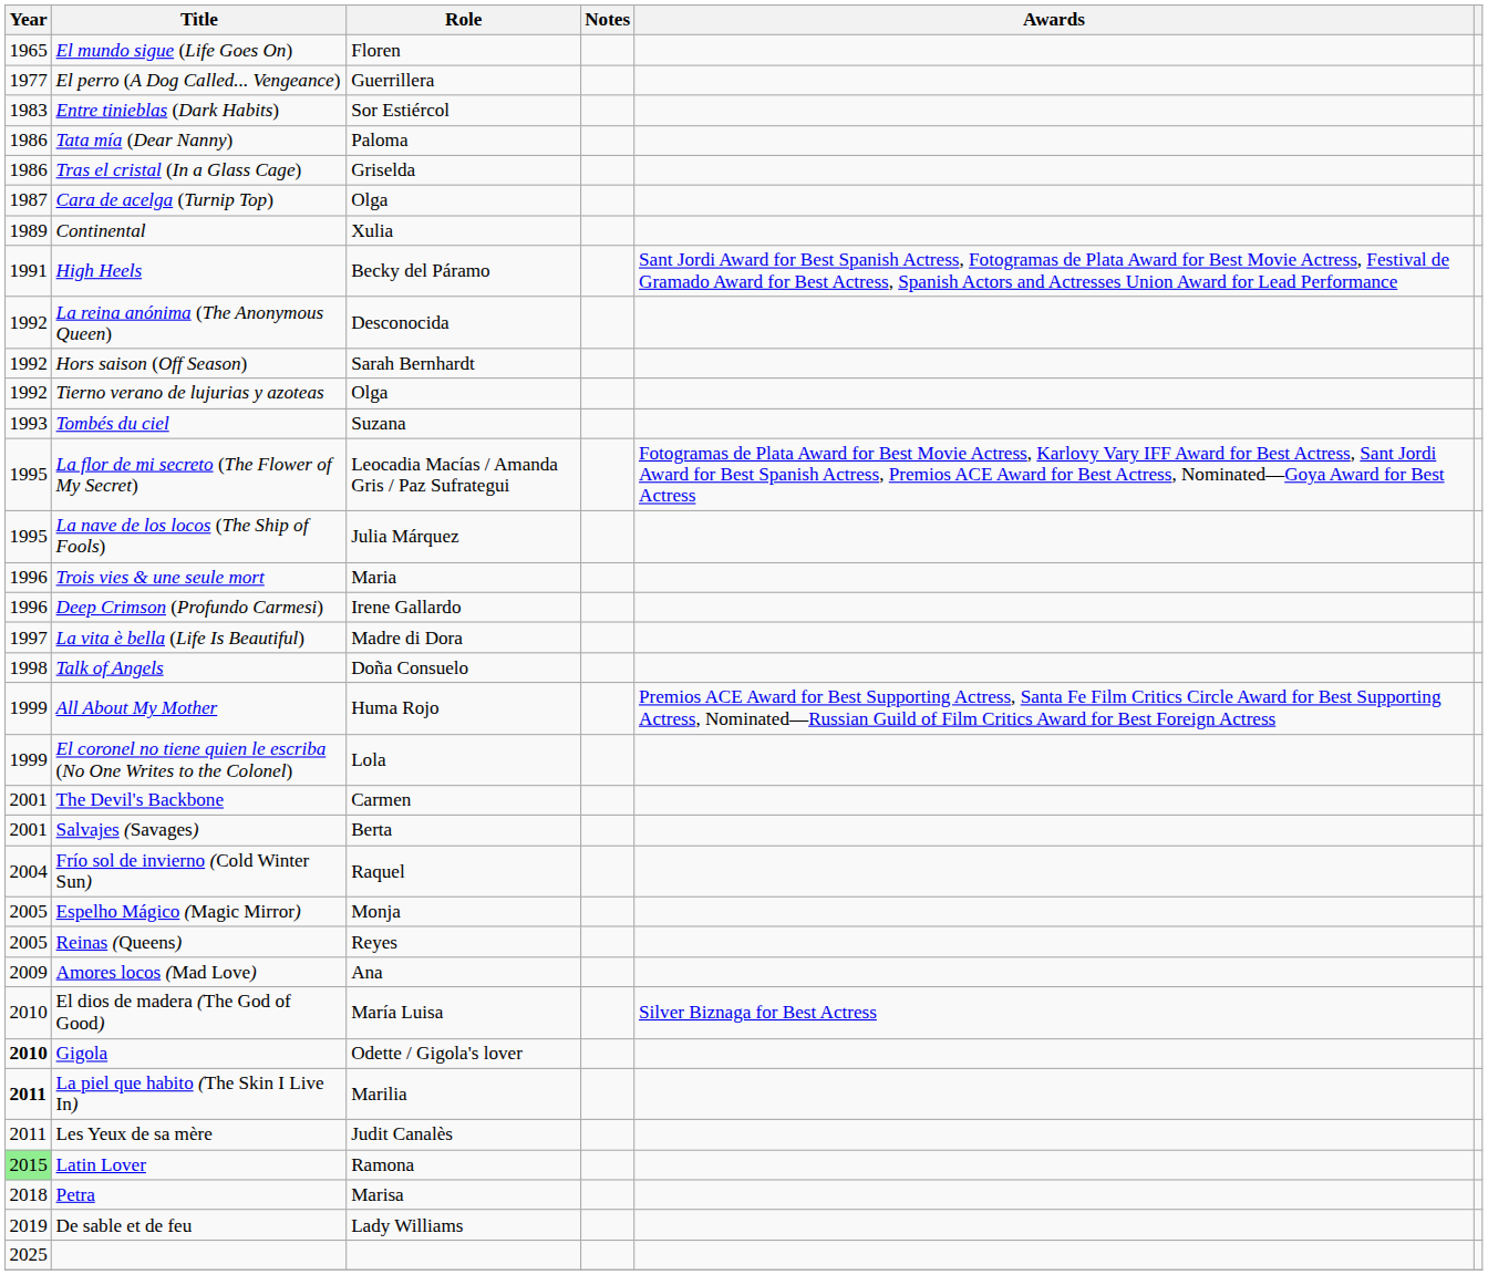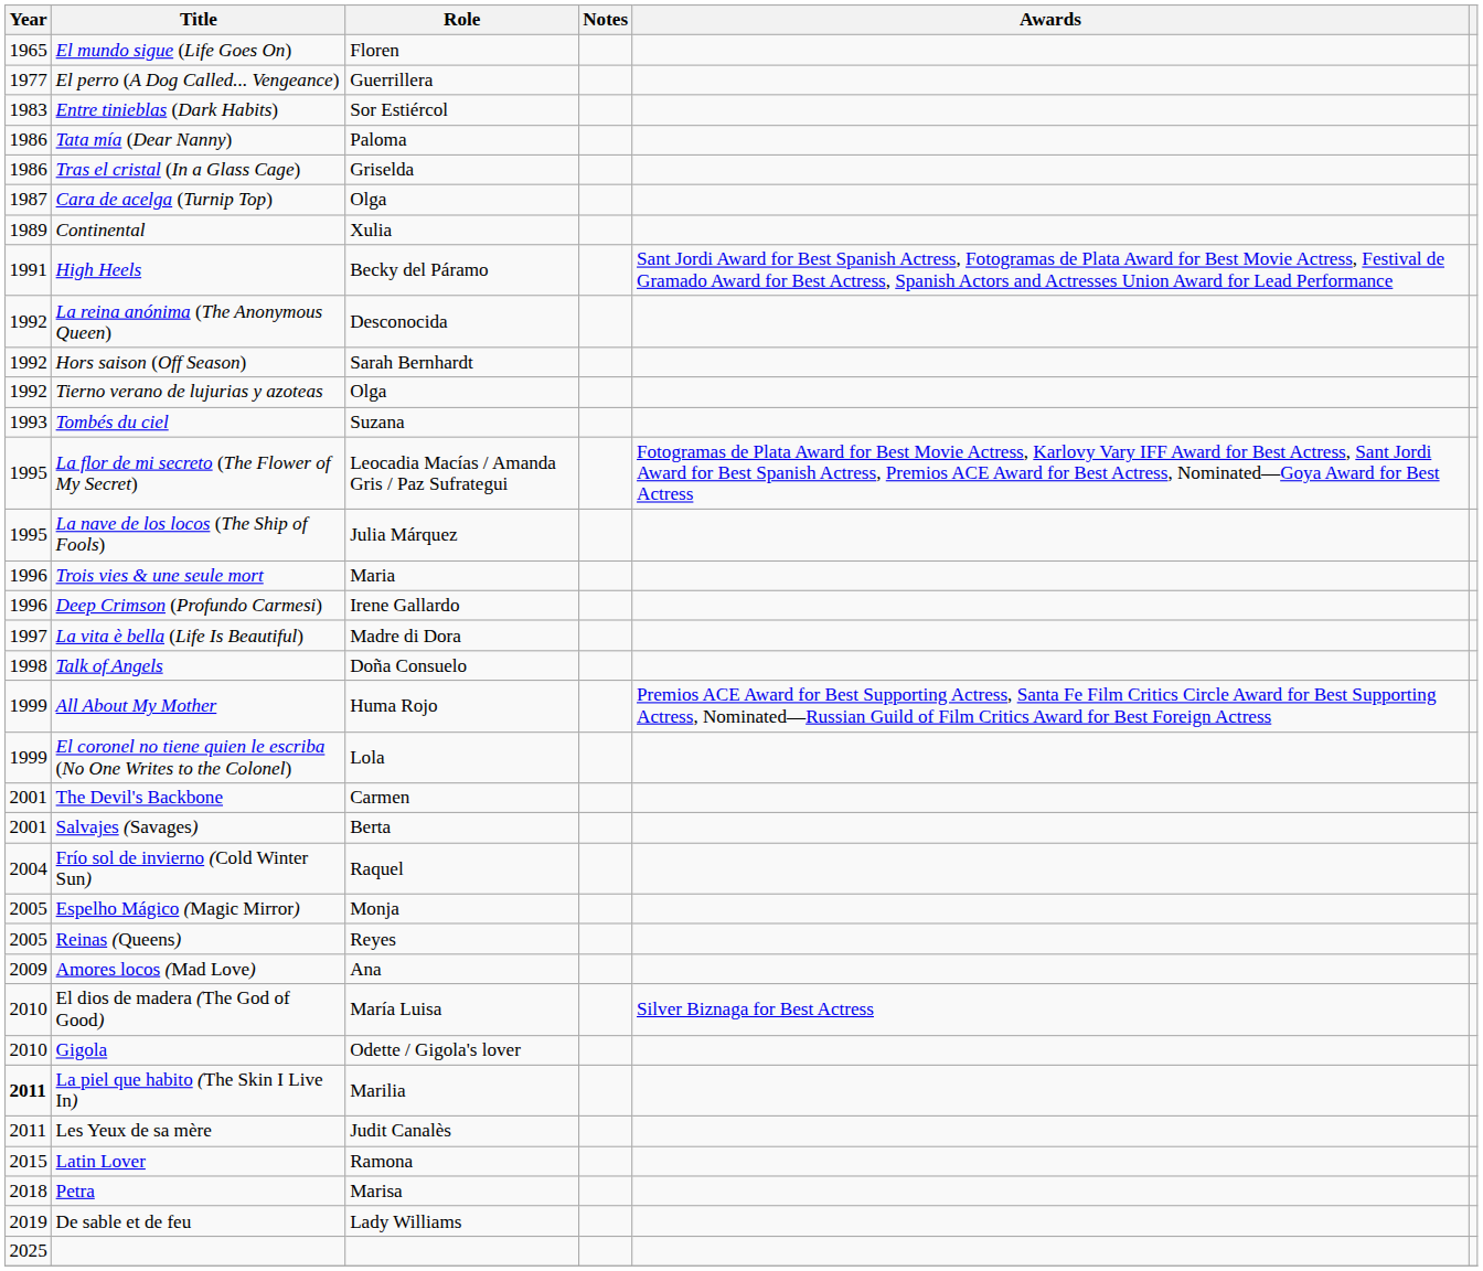 <table class="wikitable sortable">
 <tr>
 <th>Year</th>
 <th>Title</th>
 <th>Role</th>
 <th>Notes</th>
 <th class="unsortable">Awards</th>
 <th class="unsortable"></th>
 </tr>
 <tr>
 <td>1965</td>
 <td><em><a href='#'>El mundo sigue</a></em> (<em>Life Goes On</em>)</td>
 <td>Floren</td>
 <td></td>
 <td></td>
 <td align = "center"></td>
 </tr>
 <tr>
 <td>1977</td>
 <td><em>El perro</em> (<em>A Dog Called... Vengeance</em>)</td>
 <td>Guerrillera</td>
 <td></td>
 <td></td>
 <td></td>
 </tr>
 <tr>
 <td>1983</td>
 <td><em><a href='#'>Entre tinieblas</a></em> (<em>Dark Habits</em>)</td>
 <td>Sor Estiércol</td>
 <td></td>
 <td></td>
 <td></td>
 </tr>
 <tr>
 <td>1986</td>
 <td><em><a href='#'>Tata mía</a></em> (<em>Dear Nanny</em>)</td>
 <td>Paloma</td>
 <td></td>
 <td></td>
 <td align= "center"></td>
 </tr>
 <tr>
 <td>1986</td>
 <td><em><a href='#'>Tras el cristal</a></em> (<em>In a Glass Cage</em>)</td>
 <td>Griselda</td>
 <td></td>
 <td></td>
 <td align = "center"></td>
 </tr>
 <tr>
 <td>1987</td>
 <td><em><a href='#'>Cara de acelga</a></em> (<em>Turnip Top</em>)</td>
 <td>Olga</td>
 <td></td>
 <td></td>
 <td align = "center"></td>
 </tr>
 <tr>
 <td>1989</td>
 <td><em>Continental</em></td>
 <td>Xulia</td>
 <td></td>
 <td></td>
 <td></td>
 </tr>
 <tr>
 <td>1991</td>
 <td><em><a href='#'>High Heels</a></em></td>
 <td>Becky del Páramo</td>
 <td></td>
 <td><a href='#'>Sant Jordi Award for Best Spanish Actress</a>, <a href='#'>Fotogramas de Plata Award for Best Movie Actress</a>, <a href='#'>Festival de Gramado Award for Best Actress</a>, <a href='#'>Spanish Actors and Actresses Union Award for Lead Performance</a></td>
 <td align = "center"></td>
 </tr>
 <tr>
 <td>1992</td>
 <td><em><a href='#'>La reina anónima</a></em> (<em>The Anonymous Queen</em>)</td>
 <td>Desconocida</td>
 <td></td>
 <td></td>
 <td align = "center"></td>
 </tr>
 <tr>
 <td>1992</td>
 <td><em>Hors saison</em> (<em>Off Season</em>)</td>
 <td>Sarah Bernhardt</td>
 <td></td>
 <td></td>
 <td></td>
 </tr>
 <tr>
 <td>1992</td>
 <td><em>Tierno verano de lujurias y azoteas</em></td>
 <td>Olga</td>
 <td></td>
 <td></td>
 <td></td>
 </tr>
 <tr>
 <td>1993</td>
 <td><em><a href='#'>Tombés du ciel</a></em></td>
 <td>Suzana</td>
 <td></td>
 <td></td>
 <td></td>
 </tr>
 <tr>
 <td>1995</td>
 <td><em><a href='#'>La flor de mi secreto</a></em> (<em>The Flower of My Secret</em>)</td>
 <td>Leocadia Macías / Amanda Gris / Paz Sufrategui</td>
 <td></td>
 <td><a href='#'>Fotogramas de Plata Award for Best Movie Actress</a>, <a href='#'>Karlovy Vary IFF Award for Best Actress</a>, <a href='#'>Sant Jordi Award for Best Spanish Actress</a>, <a href='#'>Premios ACE Award for Best Actress</a>, Nominated—<a href='#'>Goya Award for Best Actress</a></td>
 <td></td>
 </tr>
 <tr>
 <td>1995</td>
 <td><em><a href='#'>La nave de los locos</a></em> (<em>The Ship of Fools</em>)</td>
 <td>Julia Márquez</td>
 <td></td>
 <td></td>
 <td></td>
 </tr>
 <tr>
 <td>1996</td>
 <td><em><a href='#'>Trois vies & une seule mort</a></em></td>
 <td>Maria</td>
 <td></td>
 <td></td>
 <td></td>
 </tr>
 <tr>
 <td>1996</td>
 <td><em><a href='#'>Deep Crimson</a></em> (<em>Profundo Carmesi</em>)</td>
 <td>Irene Gallardo</td>
 <td></td>
 <td></td>
 <td></td>
 </tr>
 <tr>
 <td>1997</td>
 <td><em><a href='#'>La vita è bella</a></em> (<em>Life Is Beautiful</em>)</td>
 <td>Madre di Dora</td>
 <td></td>
 <td></td>
 <td></td>
 </tr>
 <tr>
 <td>1998</td>
 <td><em><a href='#'>Talk of Angels</a></em></td>
 <td>Doña Consuelo</td>
 <td></td>
 <td></td>
 <td></td>
 </tr>
 <tr>
 <td>1999</td>
 <td><em><a href='#'>All About My Mother</a></em></td>
 <td>Huma Rojo</td>
 <td></td>
 <td><a href='#'>Premios ACE Award for Best Supporting Actress</a>, <a href='#'>Santa Fe Film Critics Circle Award for Best Supporting Actress</a>, Nominated—<a href='#'>Russian Guild of Film Critics Award for Best Foreign Actress</a></td>
 <td></td>
 </tr>
 <tr>
 <td>1999</td>
 <td><em><a href='#'>El coronel no tiene quien le escriba</a></em> (<em>No One Writes to the Colonel</em>)<em></td>
 <td>Lola</td>
 <td></td>
 <td></td>
 <td></td>
 </tr>
 <tr>
 <td>2001</td>
 <td></em><a href='#'>The Devil's Backbone</a><em></td>
 <td>Carmen</td>
 <td></td>
 <td></td>
 <td></td>
 </tr>
 <tr>
 <td>2001</td>
 <td></em><a href='#'>Salvajes</a><em> (</em>Savages<em>)</td>
 <td>Berta</td>
 <td></td>
 <td></td>
 <td align = "center"></td>
 </tr>
 <tr>
 <td>2004</td>
 <td></em><a href='#'>Frío sol de invierno</a><em> (</em>Cold Winter Sun<em>)</td>
 <td>Raquel</td>
 <td></td>
 <td></td>
 <td align = "center"></td>
 </tr>
 <tr>
 <td>2005</td>
 <td></em><a href='#'>Espelho Mágico</a><em> (</em>Magic Mirror<em>)</td>
 <td>Monja</td>
 <td></td>
 <td></td>
 <td></td>
 </tr>
 <tr>
 <td>2005</td>
 <td></em><a href='#'>Reinas</a><em> (</em>Queens<em>)</td>
 <td>Reyes</td>
 <td></td>
 <td></td>
 <td></td>
 </tr>
 <tr>
 <td>2009</td>
 <td></em><a href='#'>Amores locos</a><em> (</em>Mad Love<em>)</td>
 <td>Ana</td>
 <td></td>
 <td></td>
 <td></td>
 </tr>
 <tr>
 <td>2010</td>
 <td></em>El dios de madera<em> (</em>The God of Good<em>)</td>
 <td>María Luisa</td>
 <td></td>
 <td><a href='#'>Silver Biznaga for Best Actress</a></td>
 <td></td>
 </tr>
 <tr>
-<td><strong>2010</strong></td>
+<td>2010</td>
 <td></em><a href='#'>Gigola</a><em></td>
 <td>Odette / Gigola's lover</td>
 <td></td>
 <td></td>
 <td></td>
 </tr>
 <tr>
 <td><strong>2011</strong></td>
 <td></em><a href='#'>La piel que habito</a><em> (</em>The Skin I Live In<em>)</td>
 <td>Marilia</td>
 <td></td>
 <td></td>
 <td></td>
 </tr>
 <tr>
 <td>2011</td>
 <td></em>Les Yeux de sa mère<em></td>
 <td>Judit Canalès</td>
 <td></td>
 <td></td>
 <td></td>
 </tr>
 <tr>
-<td style="background: lightgreen;">2015</td>
+<td>2015</td>
 <td></em><a href='#'>Latin Lover</a><em></td>
 <td>Ramona</td>
 <td></td>
 <td></td>
 <td></td>
 </tr>
 <tr>
 <td>2018</td>
 <td></em><a href='#'>Petra</a><em></td>
 <td>Marisa</td>
 <td></td>
 <td></td>
 </tr>
 <tr>
 <td>2019</td>
 <td></em>De sable et de feu<em></td>
 <td>Lady Williams</td>
 <td></td>
 <td></td>
 <td></td>
 </tr>
 <tr>
 <td>2025</td>
 <td></td>
 <td></td>
 <td></td>
 <td></td>
 <td></td>
 </tr>
 <tr>
 </tr>
 </table>
